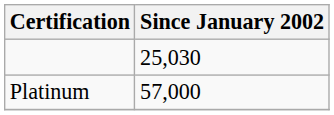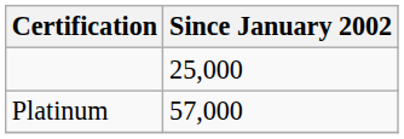 <table class=wikitable>
 <tr>
 <th>Certification</th>
 <th>Since January 2002</th>
 </tr>
 <tr>
 <td></td>
-<td>25,030</td>
+<td>25,000</td>
 </tr>
 <tr>
 <td>Platinum</td>
 <td>57,000</td>
 </tr>
 <tr>
 </tr>
 </table>
